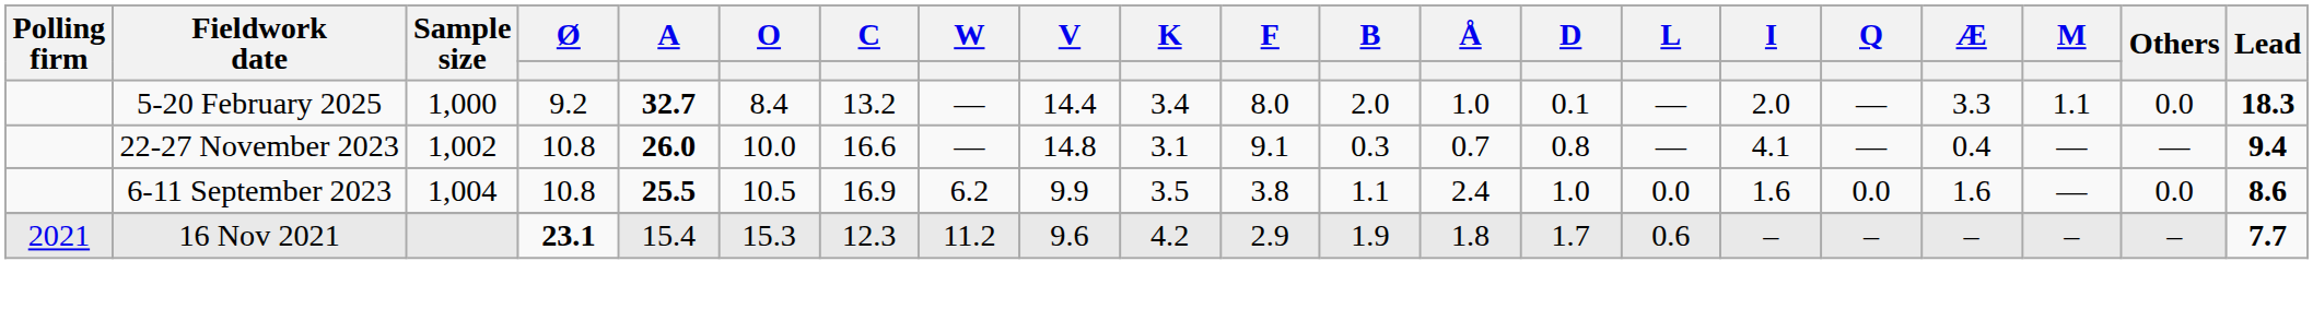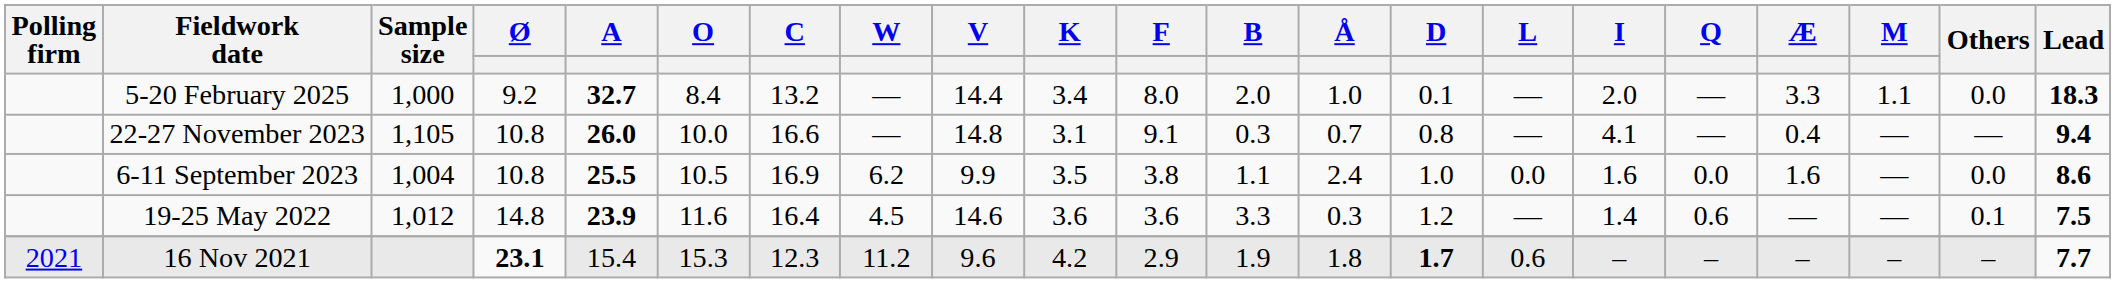 <table class="wikitable sortable mw-datatable" style="text-align:center;font-size:90%;line-height:14px;">
 <tr>
 <th rowspan="2">Polling<br>firm</th>
 <th rowspan="2">Fieldwork<br>date</th>
 <th rowspan="2">Sample<br>size</th>
 <th class="unsortable" style="width:40px;"><a href='#'>Ø</a></th>
 <th class="unsortable" style="width:40px;"><a href='#'>A</a></th>
 <th class="unsortable" style="width:40px;"><a href='#'>O</a></th>
 <th class="unsortable" style="width:40px;"><a href='#'>C</a></th>
 <th class="unsortable" style="width:40px;"><a href='#'>W</a></th>
 <th class="unsortable" style="width:40px;"><a href='#'>V</a></th>
 <th class="unsortable" style="width:40px;"><a href='#'>K</a></th>
 <th class="unsortable" style="width:40px;"><a href='#'>F</a></th>
 <th class="unsortable" style="width:40px;"><a href='#'>B</a></th>
 <th class="unsortable" style="width:40px;"><a href='#'>Å</a></th>
 <th class="unsortable" style="width:40px;"><a href='#'>D</a></th>
 <th class="unsortable" style="width:40px;"><a href='#'>L</a></th>
 <th class="unsortable" style="width:40px;"><a href='#'>I</a></th>
 <th class="unsortable" style="width:40px;"><a href='#'>Q</a></th>
 <th class="unsortable" style="width:40px;"><a href='#'>Æ</a></th>
 <th class="unsortable" style="width:40px;"><a href='#'>M</a></th>
 <th class="unsortable" style="width:40px;" rowspan="2">Others</th>
 <th rowspan="2">Lead</th>
 </tr>
 <tr>
 <th data-sort-type="number" style="background:"></th>
 <th data-sort-type="number" style="background:"></th>
 <th data-sort-type="number" style="background:"></th>
 <th data-sort-type="number" style="background:"></th>
 <th data-sort-type="number" style="background:"></th>
 <th data-sort-type="number" style="background:"></th>
 <th data-sort-type="number" style="background:"></th>
 <th data-sort-type="number" style="background:"></th>
 <th data-sort-type="number" style="background:"></th>
 <th data-sort-type="number" style="background:"></th>
 <th data-sort-type="number" style="background:"></th>
 <th data-sort-type="number" style="background:"></th>
 <th data-sort-type="number" style="background:"></th>
 <th data-sort-type="number" style="background:"></th>
 <th data-sort-type="number" style="background:"></th>
 <th data-sort-type="number" style="background:"></th>
 </tr>
 <tr>
 <td></td>
 <td>5-20 February 2025</td>
 <td>1,000</td>
 <td>9.2<br></td>
 <td><strong>32.7</strong><br></td>
 <td>8.4<br></td>
 <td>13.2<br></td>
 <td>—</td>
 <td>14.4<br></td>
 <td>3.4<br></td>
 <td>8.0<br></td>
 <td>2.0<br></td>
 <td>1.0<br></td>
 <td>0.1<br></td>
 <td>—</td>
 <td>2.0<br></td>
 <td>—</td>
 <td>3.3<br></td>
 <td>1.1<br></td>
 <td>0.0</td>
 <td><strong>18.3</strong></td>
 </tr>
 <tr>
 <td></td>
 <td>22-27 November 2023</td>
-<td>1,002</td>
+<td>1,105</td>
 <td>10.8<br></td>
 <td><strong>26.0</strong><br></td>
 <td>10.0<br></td>
 <td>16.6<br></td>
 <td>—</td>
 <td>14.8<br></td>
 <td>3.1<br></td>
 <td>9.1<br></td>
 <td>0.3<br></td>
 <td>0.7<br></td>
 <td>0.8<br></td>
 <td>—</td>
 <td>4.1<br></td>
 <td>—</td>
 <td>0.4<br></td>
 <td>—</td>
 <td>—</td>
 <td><strong>9.4</strong></td>
 </tr>
 <tr>
 <td></td>
 <td>6-11 September 2023</td>
 <td>1,004</td>
 <td>10.8<br></td>
 <td><strong>25.5</strong><br></td>
 <td>10.5<br></td>
 <td>16.9<br></td>
 <td>6.2<br></td>
 <td>9.9<br></td>
 <td>3.5<br></td>
 <td>3.8<br></td>
 <td>1.1<br></td>
 <td>2.4<br></td>
 <td>1.0<br></td>
 <td>0.0<br></td>
 <td>1.6<br></td>
 <td>0.0<br></td>
 <td>1.6<br></td>
 <td>—</td>
 <td>0.0</td>
 <td><strong>8.6</strong></td>
 </tr>
 <tr>
+<td></td>
+<td>19-25 May 2022</td>
+<td>1,012</td>
+<td>14.8<br></td>
+<td><strong>23.9</strong><br></td>
+<td>11.6<br></td>
+<td>16.4<br></td>
+<td>4.5<br></td>
+<td>14.6<br></td>
+<td>3.6<br></td>
+<td>3.6<br></td>
+<td>3.3<br></td>
+<td>0.3<br></td>
+<td>1.2<br></td>
+<td>—</td>
+<td>1.4<br></td>
+<td>0.6<br></td>
+<td>—</td>
+<td>—</td>
+<td>0.1</td>
+<td><strong>7.5</strong></td>
+</tr>
+<tr>
 </tr>
 <tr>
 <td style="background:#E9E9E9;"><a href='#'>2021</a></td>
 <td style="background:#E9E9E9;" data-sort-value="2021-11-16">16 Nov 2021</td>
 <td style="background:#E9E9E9;"></td>
 <td><strong>23.1</strong><br></td>
 <td style="background:#E9E9E9;">15.4<br></td>
 <td style="background:#E9E9E9;">15.3<br></td>
 <td style="background:#E9E9E9;">12.3<br></td>
 <td style="background:#E9E9E9;">11.2<br></td>
 <td style="background:#E9E9E9;">9.6<br></td>
 <td style="background:#E9E9E9;">4.2<br></td>
 <td style="background:#E9E9E9;">2.9<br></td>
 <td style="background:#E9E9E9;">1.9<br></td>
 <td style="background:#E9E9E9;">1.8<br></td>
-<td style="background:#E9E9E9;">1.7<br></td>
+<td style="background:#E9E9E9;"><strong>1.7<br></strong></td>
 <td style="background:#E9E9E9;">0.6<br></td>
 <td style="background:#E9E9E9;">‒</td>
 <td style="background:#E9E9E9;">‒</td>
 <td style="background:#E9E9E9;">‒</td>
 <td style="background:#E9E9E9;">‒</td>
 <td style="background:#E9E9E9;">‒</td>
 <td><strong>7.7</strong></td>
 </tr>
 </table>
